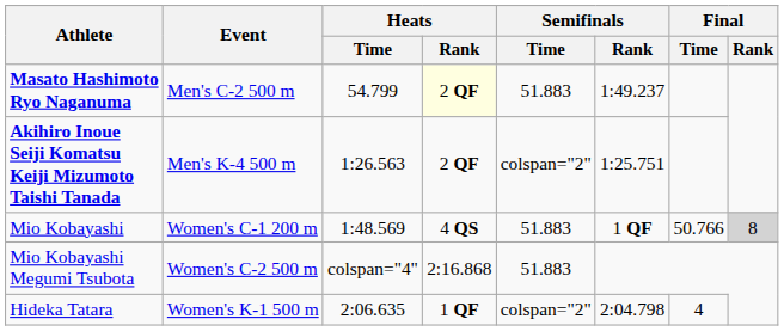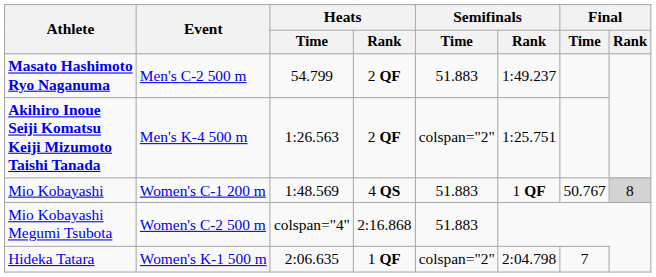 <table class=wikitable style="font-size:90%">
 <tr>
 <th rowspan="2">Athlete</th>
 <th rowspan="2">Event</th>
 <th colspan=2>Heats</th>
 <th colspan=2>Semifinals</th>
 <th colspan=2>Final</th>
 </tr>
 <tr style="font-size:95%">
 <th>Time</th>
 <th>Rank</th>
 <th>Time</th>
 <th>Rank</th>
 <th>Time</th>
 <th>Rank</th>
 </tr>
 <tr align=center>
 <td align=left><strong><a href='#'>Masato Hashimoto</a><br><a href='#'>Ryo Naganuma</a></strong></td>
 <td align=left><a href='#'>Men's C-2 500 m</a></td>
 <td>54.799</td>
-<td style="background: lightyellow;">2 <strong>QF</strong></td>
+<td>2 <strong>QF</strong></td>
 <td>51.883</td>
 <td>1:49.237</td>
 <td></td>
 </tr>
 <tr align=center>
 <td align=left><strong><a href='#'>Akihiro Inoue</a><br><a href='#'>Seiji Komatsu</a><br><a href='#'>Keiji Mizumoto</a><br><a href='#'>Taishi Tanada</a></strong></td>
 <td align=left><a href='#'>Men's K-4 500 m</a></td>
 <td>1:26.563</td>
 <td>2 <strong>QF</strong></td>
 <td>colspan="2" </td>
 <td>1:25.751</td>
 <td></td>
 </tr>
 <tr align=center>
 <td align=left><a href='#'>Mio Kobayashi</a></td>
 <td align=left><a href='#'>Women's C-1 200 m</a></td>
 <td>1:48.569</td>
 <td>4 <strong>QS</strong></td>
 <td>51.883</td>
 <td>1 <strong>QF</strong></td>
-<td>50.766</td>
+<td>50.767</td>
 <td style="background: lightgrey;">8</td>
 </tr>
 <tr align=center>
 <td align=left><a href='#'>Mio Kobayashi</a><br><a href='#'>Megumi Tsubota</a></td>
 <td align=left><a href='#'>Women's C-2 500 m</a></td>
 <td>colspan="4" </td>
 <td>2:16.868</td>
 <td>51.883</td>
 </tr>
 <tr align=center>
 <td align=left><a href='#'>Hideka Tatara</a></td>
 <td align=left><a href='#'>Women's K-1 500 m</a></td>
 <td>2:06.635</td>
 <td>1 <strong>QF</strong></td>
 <td>colspan="2" </td>
 <td>2:04.798</td>
-<td>4</td>
+<td>7</td>
 </tr>
 </table>
